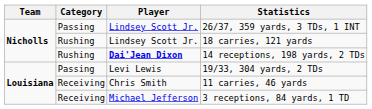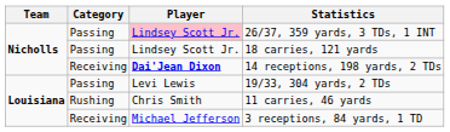 <table class="wikitable" style="float: left;">
 <tr>
 <th>Team</th>
 <th>Category</th>
 <th>Player</th>
 <th>Statistics</th>
 </tr>
 <tr>
 <td rowspan=3><strong>Nicholls</strong></td>
 <td>Passing</td>
-<td><a href='#'>Lindsey Scott Jr.</a></td>
+<td style="background: pink;"><a href='#'>Lindsey Scott Jr.</a></td>
 <td>26/37, 359 yards, 3 TDs, 1 INT</td>
 </tr>
 <tr>
-<td>Rushing</td>
+<td>Passing</td>
 <td>Lindsey Scott Jr.</td>
 <td>18 carries, 121 yards</td>
 </tr>
 <tr>
-<td>Rushing</td>
+<td>Receiving</td>
 <td><strong><a href='#'>Dai'Jean Dixon</a></strong></td>
 <td>14 receptions, 198 yards, 2 TDs</td>
 </tr>
 <tr>
 <td rowspan=3><strong>Louisiana</strong></td>
 <td>Passing</td>
 <td>Levi Lewis</td>
 <td>19/33, 304 yards, 2 TDs</td>
 </tr>
 <tr>
-<td>Receiving</td>
+<td>Rushing</td>
 <td>Chris Smith</td>
 <td>11 carries, 46 yards</td>
 </tr>
 <tr>
 <td>Receiving</td>
 <td><a href='#'>Michael Jefferson</a></td>
 <td>3 receptions, 84 yards, 1 TD</td>
 </tr>
 </table>
